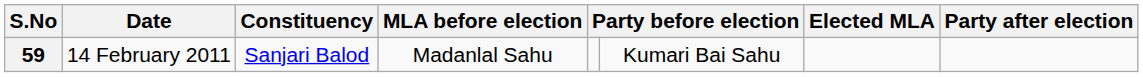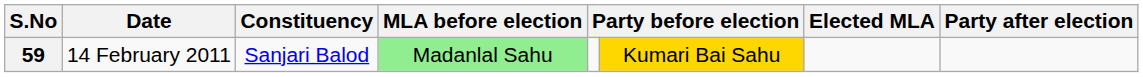 <table class="wikitable sortable" style="text-align:center;">
 <tr>
 <th>S.No</th>
 <th>Date</th>
 <th>Constituency</th>
 <th>MLA before election</th>
 <th colspan="2">Party before election</th>
 <th>Elected MLA</th>
 <th colspan="2">Party after election</th>
 </tr>
 <tr>
 <th>59</th>
 <td>14 February 2011</td>
 <td><a href='#'>Sanjari Balod</a></td>
-<td>Madanlal Sahu</td>
+<td style="background: lightgreen;">Madanlal Sahu</td>
 <td></td>
-<td>Kumari Bai Sahu</td>
+<td style="background: gold;">Kumari Bai Sahu</td>
 <td></td>
 </tr>
 </table>
